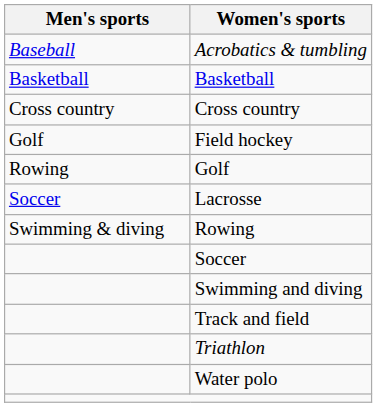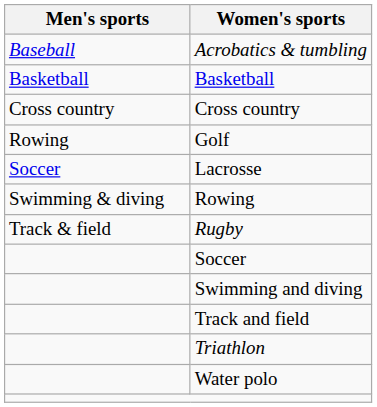 <table class="wikitable"; style= "text-align: ">
 <tr>
 <th width=150px>Men's sports</th>
 <th width=px>Women's sports</th>
 </tr>
 <tr>
 <td><em><a href='#'>Baseball</a></em> </td>
 <td><em>Acrobatics & tumbling</em> </td>
 </tr>
 <tr>
 <td><a href='#'>Basketball</a></td>
 <td><a href='#'>Basketball</a></td>
 </tr>
 <tr>
 <td>Cross country</td>
 <td>Cross country</td>
 </tr>
 <tr>
-<td>Golf</td>
-<td>Field hockey</td>
-</tr>
-<tr>
 <td>Rowing</td>
 <td>Golf</td>
 </tr>
 <tr>
 <td><a href='#'>Soccer</a></td>
 <td>Lacrosse</td>
 </tr>
 <tr>
 <td>Swimming & diving</td>
 <td>Rowing</td>
+</tr>
+<tr>
+<td>Track & field</td>
+<td><em>Rugby</em> </td>
 </tr>
 <tr>
 <td></td>
 <td>Soccer</td>
 </tr>
 <tr>
 <td></td>
 <td>Swimming and diving</td>
 </tr>
 <tr>
 <td></td>
 <td>Track and field</td>
 </tr>
 <tr>
 <td></td>
 <td><em>Triathlon</em> </td>
 </tr>
 <tr>
 <td></td>
 <td>Water polo</td>
 </tr>
 <tr>
 <td colspan="2"></td>
 </tr>
 </table>
